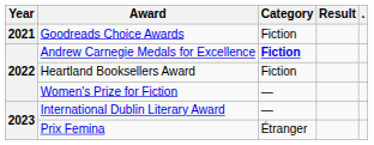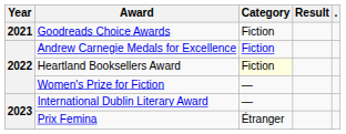 <table class="wikitable sortable">
 <tr>
 <th>Year</th>
 <th>Award</th>
 <th>Category</th>
 <th>Result</th>
 <th>.</th>
 </tr>
 <tr>
 <th>2021</th>
 <td><a href='#'>Goodreads Choice Awards</a></td>
 <td>Fiction</td>
 <td></td>
 <td></td>
 </tr>
 <tr>
 <th rowspan=3>2022</th>
 <td><a href='#'>Andrew Carnegie Medals for Excellence</a></td>
-<td><strong><a href='#'>Fiction</a></strong></td>
+<td><a href='#'>Fiction</a></td>
 <td></td>
 <td></td>
 </tr>
 <tr>
 <td>Heartland Booksellers Award</td>
-<td>Fiction</td>
+<td style="background: lightyellow;">Fiction</td>
 <td></td>
 <td></td>
 </tr>
 <tr>
 <td><a href='#'>Women's Prize for Fiction</a></td>
 <td>—</td>
 <td></td>
 <td></td>
 </tr>
 <tr>
 <th rowspan=2>2023</th>
 <td><a href='#'>International Dublin Literary Award</a></td>
 <td>—</td>
 <td></td>
 <td></td>
 </tr>
 <tr>
 <td><a href='#'>Prix Femina</a></td>
 <td>Étranger</td>
 <td></td>
 <td></td>
 </tr>
 </table>
